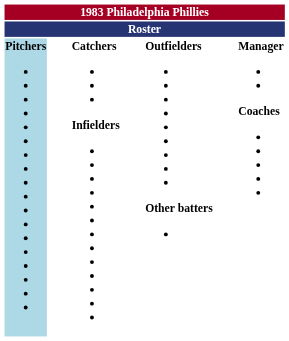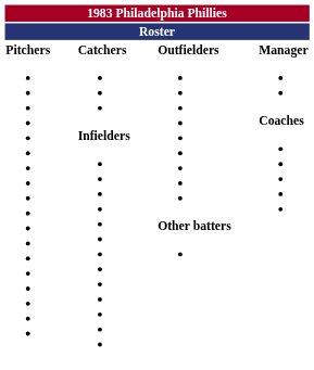 <table class="toccolours" style="font-size: 95%;">
 <tr>
 <th colspan="10" style="background-color: #A50024; color: #FFFFFF; text-align: center;">1983 Philadelphia Phillies</th>
 </tr>
 <tr>
 <td colspan="10" style="background-color: #263473; color: white; text-align: center;"><strong>Roster</strong></td>
 </tr>
 <tr>
-<td valign="top" style="background: lightblue;"><strong>Pitchers</strong><br><ul><li></li><li></li><li></li><li></li><li></li><li></li><li></li><li></li><li></li><li></li><li></li><li></li><li></li><li></li><li></li><li></li><li></li><li></li></ul></td>
+<td valign="top"><strong>Pitchers</strong><br><ul><li></li><li></li><li></li><li></li><li></li><li></li><li></li><li></li><li></li><li></li><li></li><li></li><li></li><li></li><li></li><li></li><li></li><li></li></ul></td>
 <td width="25px"></td>
 <td valign="top"><strong>Catchers</strong><br><ul><li></li><li></li><li></li></ul><strong>Infielders</strong><ul><li></li><li></li><li></li><li></li><li></li><li></li><li></li><li></li><li></li><li></li><li></li><li></li><li></li></ul></td>
 <td width="25px"></td>
 <td valign="top"><strong>Outfielders</strong><br><ul><li></li><li></li><li></li><li></li><li></li><li></li><li></li><li></li><li></li></ul><strong>Other batters</strong><ul><li></li></ul></td>
 <td width="25px"></td>
 <td valign="top"><strong>Manager</strong><br><ul><li></li><li></li></ul><strong>Coaches</strong><ul><li></li><li></li><li></li><li></li><li></li></ul></td>
 </tr>
 <tr>
 </tr>
 </table>
